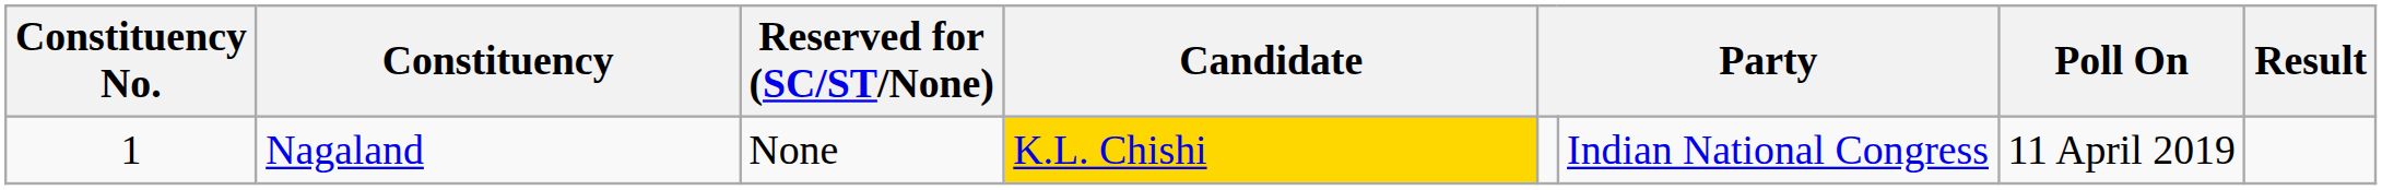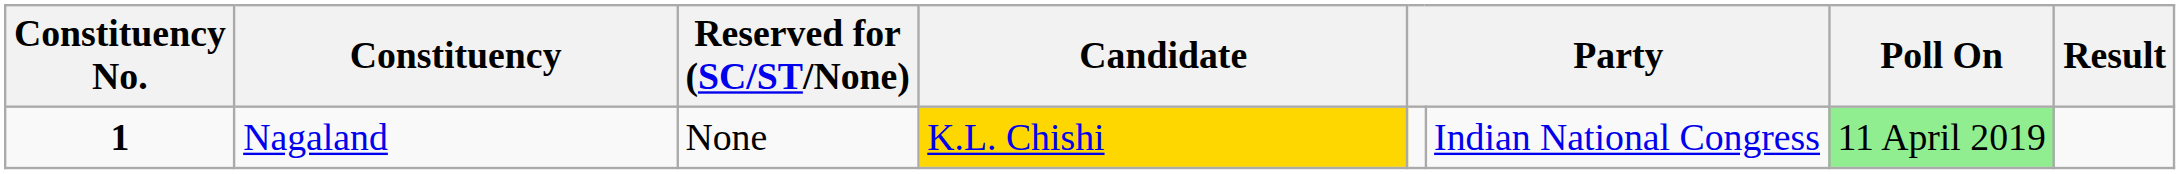 <table class= "wikitable sortable">
 <tr>
 <th>Constituency <br> No.</th>
 <th style="width:180px;">Constituency</th>
 <th>Reserved for<br>(<a href='#'>SC/ST</a>/None)</th>
 <th style="width:200px;">Candidate </th>
 <th colspan="2">Party</th>
 <th>Poll On</th>
 <th>Result</th>
 </tr>
 <tr>
-<td style="text-align:center;">1</td>
+<td style="text-align:center;"><strong>1</strong></td>
 <td><a href='#'>Nagaland</a></td>
 <td>None</td>
 <td style="background: gold;"><a href='#'>K.L. Chishi</a></td>
 <td bgcolor=></td>
 <td><a href='#'>Indian National Congress</a></td>
-<td>11 April 2019</td>
+<td style="background: lightgreen;">11 April 2019</td>
 <td></td>
 </tr>
 </table>
